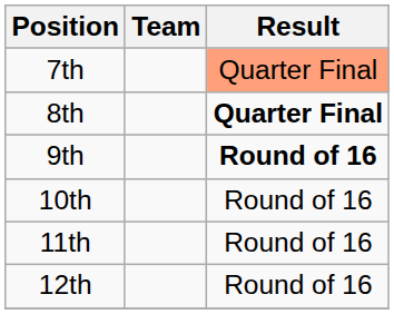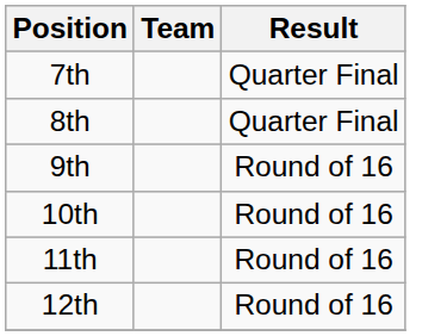 <table class="wikitable" style="text-align: center;">
 <tr>
 <th>Position</th>
 <th>Team</th>
 <th>Result</th>
 </tr>
 <tr>
 <td>7th</td>
 <td></td>
-<td style="background: lightsalmon;">Quarter Final</td>
+<td>Quarter Final</td>
 </tr>
 <tr>
 <td>8th</td>
 <td></td>
-<td><strong>Quarter Final</strong></td>
+<td>Quarter Final</td>
 </tr>
 <tr>
 <td>9th</td>
 <td></td>
-<td><strong>Round of 16</strong></td>
+<td>Round of 16</td>
 </tr>
 <tr>
 <td>10th</td>
 <td></td>
 <td>Round of 16</td>
 </tr>
 <tr>
 <td>11th</td>
 <td></td>
 <td>Round of 16</td>
 </tr>
 <tr>
 <td>12th</td>
 <td></td>
 <td>Round of 16</td>
 </tr>
 <tr>
 </tr>
 </table>
